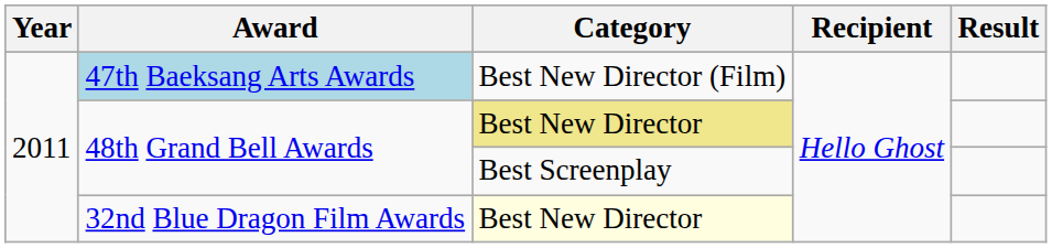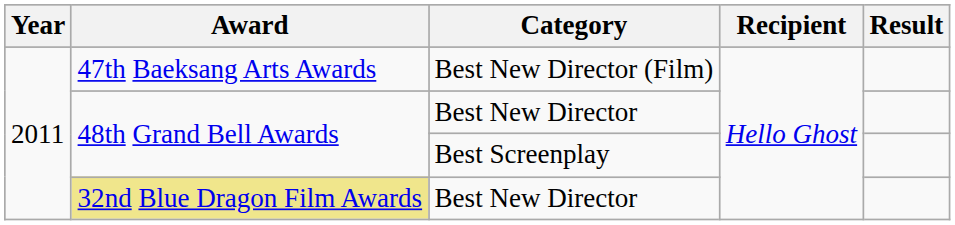 <table class="wikitable">
 <tr>
 <th>Year</th>
 <th>Award</th>
 <th>Category</th>
 <th>Recipient</th>
 <th>Result</th>
 </tr>
 <tr>
 <td rowspan="4">2011</td>
-<td style="background: lightblue;"><a href='#'>47th</a> <a href='#'>Baeksang Arts Awards</a></td>
+<td><a href='#'>47th</a> <a href='#'>Baeksang Arts Awards</a></td>
 <td>Best New Director (Film)</td>
 <td rowspan="4"><em><a href='#'>Hello Ghost</a></em></td>
 <td></td>
 </tr>
 <tr>
 <td rowspan="2"><a href='#'>48th</a> <a href='#'>Grand Bell Awards</a></td>
-<td style="background: khaki;">Best New Director</td>
+<td>Best New Director</td>
 <td></td>
 </tr>
 <tr>
 <td>Best Screenplay</td>
 <td></td>
 </tr>
 <tr>
-<td><a href='#'>32nd</a> <a href='#'>Blue Dragon Film Awards</a></td>
-<td style="background: lightyellow;">Best New Director</td>
+<td style="background: khaki;"><a href='#'>32nd</a> <a href='#'>Blue Dragon Film Awards</a></td>
+<td>Best New Director</td>
 <td></td>
 </tr>
 </table>
